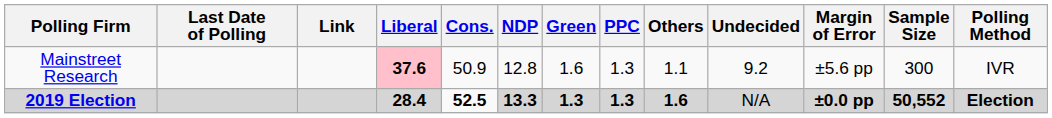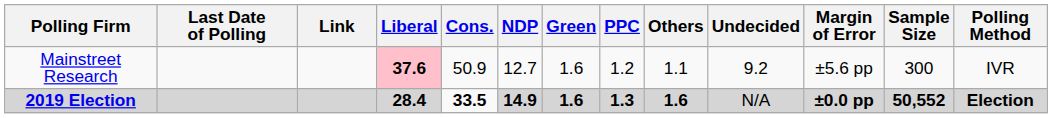 <table class="wikitable sortable" style="text-align:center;font-size:90%;line-height:14px;">
 <tr style="background:#e9e9e9;">
 <th style="width:120px">Polling Firm</th>
 <th style="width:110px">Last Date<br>of Polling</th>
 <th style="width:60px" class="unsortable">Link</th>
 <th style="background-color:"><a href='#'>Liberal</a></th>
 <th style="background-color:"><a href='#'>Cons.</a></th>
 <th style="background-color:"><a href='#'>NDP</a></th>
 <th style="background-color:"><a href='#'>Green</a></th>
 <th style="background-color:"><a href='#'><span>PPC</span></a></th>
 <th style="background-color:">Others</th>
 <th style="background-color:">Undecided</th>
 <th style="width:60px;" class=unsortable>Margin<br>of Error</th>
 <th style="width:50px;" class=unsortable>Sample<br>Size</th>
 <th class=unsortable>Polling Method</th>
 </tr>
 <tr>
 <td><a href='#'>Mainstreet Research</a></td>
 <td></td>
 <td></td>
 <td style="background: pink;"><strong>37.6</strong></td>
 <td>50.9</td>
-<td>12.8</td>
+<td>12.7</td>
 <td>1.6</td>
-<td>1.3</td>
+<td>1.2</td>
 <td>1.1</td>
 <td>9.2</td>
 <td>±5.6 pp</td>
 <td>300</td>
 <td>IVR</td>
 </tr>
 <tr>
 <td style="background:#D5D5D5"><strong><a href='#'>2019 Election</a></strong></td>
 <td style="background:#D5D5D5"><strong></strong></td>
 <td style="background:#D5D5D5"></td>
 <td style="background:#D5D5D5"><strong>28.4</strong></td>
-<td><strong>52.5</strong></td>
-<td style="background:#D5D5D5"><strong>13.3</strong></td>
-<td style="background:#D5D5D5"><strong>1.3</strong></td>
+<td><strong>33.5</strong></td>
+<td style="background:#D5D5D5"><strong>14.9</strong></td>
+<td style="background:#D5D5D5"><strong>1.6</strong></td>
 <td style="background:#D5D5D5"><strong>1.3</strong></td>
 <td style="background:#D5D5D5"><strong>1.6</strong></td>
 <td style="background:#D5D5D5">N/A</td>
 <td style="background:#D5D5D5"><strong>±0.0 pp</strong></td>
 <td style="background:#D5D5D5"><strong>50,552</strong></td>
 <td style="background:#D5D5D5"><strong>Election</strong></td>
 </tr>
 <tr>
 </tr>
 </table>
